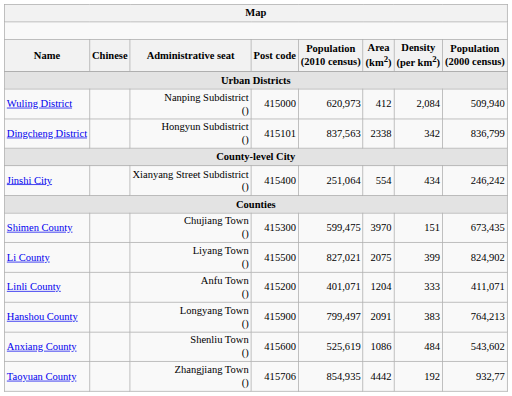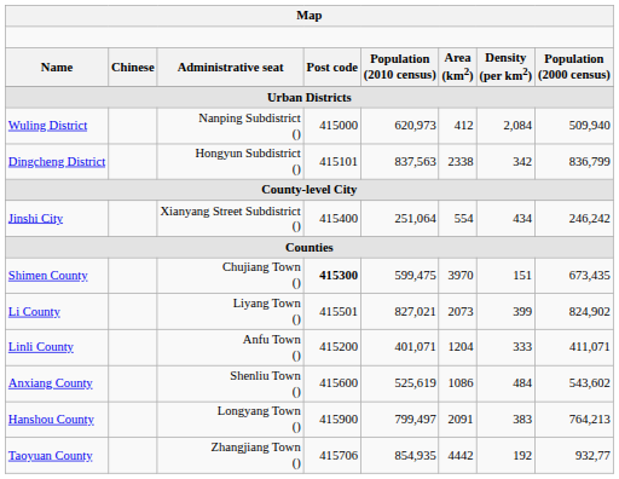 <table class="wikitable" style="font-size:90%;text-align:right;">
 <tr>
 <th colspan=8>Map</th>
 </tr>
 <tr>
 <td colspan=8><div><br>             </div></td>
 </tr>
 <tr>
 <th>Name</th>
 <th>Chinese</th>
 <th>Administrative seat</th>
 <th>Post code</th>
 <th>Population<br>(2010 census)</th>
 <th>Area<br>(km<sup>2</sup>)</th>
 <th>Density<br>(per km<sup>2</sup>)</th>
 <th>Population<br>(2000 census)</th>
 </tr>
 <tr>
 </tr>
 <tr style="background:#e3e3e3;">
 <td colspan="8"  style="text-align:center; "><strong>Urban Districts</strong></td>
 </tr>
 <tr>
 <td align="left"><a href='#'>Wuling District</a></td>
 <td></td>
 <td>Nanping Subdistrict<br>()</td>
 <td>415000</td>
 <td>620,973</td>
 <td>412</td>
 <td>2,084</td>
 <td>509,940</td>
 </tr>
 <tr>
 <td align="left"><a href='#'>Dingcheng District</a></td>
 <td></td>
 <td>Hongyun Subdistrict<br>()</td>
 <td>415101</td>
 <td>837,563</td>
 <td>2338</td>
 <td>342</td>
 <td>836,799</td>
 </tr>
 <tr style="background:#e3e3e3;">
 <td colspan="8"  style="text-align:center; "><strong>County-level City</strong></td>
 </tr>
 <tr>
 <td align="left"><a href='#'>Jinshi City</a></td>
 <td></td>
 <td>Xianyang Street Subdistrict<br>()</td>
 <td>415400</td>
 <td>251,064</td>
 <td>554</td>
 <td>434</td>
 <td>246,242</td>
 </tr>
 <tr style="background:#e3e3e3;">
 <td colspan="8"  style="text-align:center; "><strong>Counties</strong></td>
 </tr>
 <tr>
 <td align="left"><a href='#'>Shimen County</a></td>
 <td></td>
 <td>Chujiang Town<br>()</td>
-<td>415300</td>
+<td><strong>415300</strong></td>
 <td>599,475</td>
 <td>3970</td>
 <td>151</td>
 <td>673,435</td>
 </tr>
 <tr>
 <td align="left"><a href='#'>Li County</a></td>
 <td></td>
 <td>Liyang Town<br>()</td>
-<td>415500</td>
+<td>415501</td>
 <td>827,021</td>
-<td>2075</td>
+<td>2073</td>
 <td>399</td>
 <td>824,902</td>
 </tr>
 <tr>
 <td align="left"><a href='#'>Linli County</a></td>
 <td></td>
 <td>Anfu Town<br>()</td>
 <td>415200</td>
 <td>401,071</td>
 <td>1204</td>
 <td>333</td>
 <td>411,071</td>
 </tr>
 <tr>
+<td align="left"><a href='#'>Anxiang County</a></td>
+<td></td>
+<td>Shenliu Town<br>()</td>
+<td>415600</td>
+<td>525,619</td>
+<td>1086</td>
+<td>484</td>
+<td>543,602</td>
+</tr>
+<tr>
 <td align="left"><a href='#'>Hanshou County</a></td>
 <td></td>
 <td>Longyang Town<br>()</td>
 <td>415900</td>
 <td>799,497</td>
 <td>2091</td>
 <td>383</td>
 <td>764,213</td>
-</tr>
-<tr>
-<td align="left"><a href='#'>Anxiang County</a></td>
-<td></td>
-<td>Shenliu Town<br>()</td>
-<td>415600</td>
-<td>525,619</td>
-<td>1086</td>
-<td>484</td>
-<td>543,602</td>
 </tr>
 <tr>
 <td align="left"><a href='#'>Taoyuan County</a></td>
 <td></td>
 <td>Zhangjiang Town<br>()</td>
 <td>415706</td>
 <td>854,935</td>
 <td>4442</td>
 <td>192</td>
 <td>932,77</td>
 </tr>
 </table>
